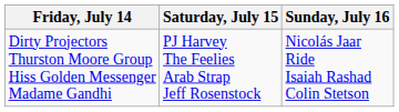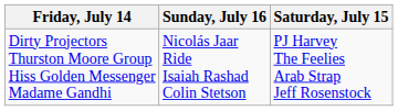 <table class="wikitable">
 <tr>
 <th>Friday, July 14</th>
+<th>Sunday, July 16</th>
 <th>Saturday, July 15</th>
-<th>Sunday, July 16</th>
 </tr>
 <tr valign="top">
 <td><a href='#'>Dirty Projectors</a><br><a href='#'>Thurston Moore Group</a><br><a href='#'>Hiss Golden Messenger</a><br><a href='#'>Madame Gandhi</a></td>
+<td><a href='#'>Nicolás Jaar</a><br><a href='#'>Ride</a><br><a href='#'>Isaiah Rashad</a><br><a href='#'>Colin Stetson</a></td>
 <td><a href='#'>PJ Harvey</a><br><a href='#'>The Feelies</a><br><a href='#'>Arab Strap</a><br><a href='#'>Jeff Rosenstock</a></td>
-<td><a href='#'>Nicolás Jaar</a><br><a href='#'>Ride</a><br><a href='#'>Isaiah Rashad</a><br><a href='#'>Colin Stetson</a></td>
 </tr>
 </table>
